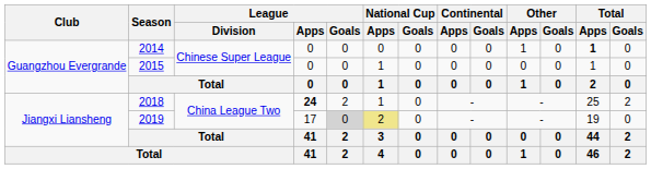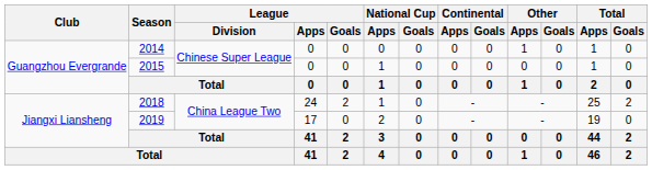 <table class="wikitable" style="text-align: center">
 <tr>
 <th rowspan="2">Club</th>
 <th rowspan="2">Season</th>
 <th colspan="3">League</th>
 <th colspan="2">National Cup</th>
 <th colspan="2">Continental</th>
 <th colspan="2">Other</th>
 <th colspan="2">Total</th>
 </tr>
 <tr>
 <th>Division</th>
 <th>Apps</th>
 <th>Goals</th>
 <th>Apps</th>
 <th>Goals</th>
 <th>Apps</th>
 <th>Goals</th>
 <th>Apps</th>
 <th>Goals</th>
 <th>Apps</th>
 <th>Goals</th>
 </tr>
 <tr>
 <td rowspan=3><a href='#'>Guangzhou Evergrande</a></td>
 <td><a href='#'>2014</a></td>
 <td rowspan="2"><a href='#'>Chinese Super League</a></td>
 <td>0</td>
 <td>0</td>
 <td>0</td>
 <td>0</td>
 <td>0</td>
 <td>0</td>
 <td>1</td>
 <td>0</td>
-<td><strong>1</strong></td>
+<td>1</td>
 <td>0</td>
 </tr>
 <tr>
 <td><a href='#'>2015</a></td>
 <td>0</td>
 <td>0</td>
 <td>1</td>
 <td>0</td>
 <td>0</td>
 <td>0</td>
 <td>0</td>
 <td>0</td>
 <td>1</td>
 <td>0</td>
 </tr>
 <tr>
 <th colspan="2"><strong>Total</strong></th>
 <th>0</th>
 <th>0</th>
 <th>1</th>
 <th>0</th>
 <th>0</th>
 <th>0</th>
 <th>1</th>
 <th>0</th>
 <th>2</th>
 <th>0</th>
 </tr>
 <tr>
 <td rowspan=3><a href='#'>Jiangxi Liansheng</a></td>
 <td><a href='#'>2018</a></td>
 <td rowspan=2><a href='#'>China League Two</a></td>
-<td><strong>24</strong></td>
+<td>24</td>
 <td>2</td>
 <td>1</td>
 <td>0</td>
 <td colspan="2">-</td>
 <td colspan="2">-</td>
 <td>25</td>
 <td>2</td>
 </tr>
 <tr>
 <td><a href='#'>2019</a></td>
 <td>17</td>
-<td style="background: lightgrey;">0</td>
-<td style="background: khaki;">2</td>
+<td>0</td>
+<td>2</td>
 <td>0</td>
 <td colspan="2">-</td>
 <td colspan="2">-</td>
 <td>19</td>
 <td>0</td>
 </tr>
 <tr>
 <th colspan="2"><strong>Total</strong></th>
 <th>41</th>
 <th>2</th>
 <th>3</th>
 <th>0</th>
 <th>0</th>
 <th>0</th>
 <th>0</th>
 <th>0</th>
 <th>44</th>
 <th>2</th>
 </tr>
 <tr>
 <th colspan=3>Total</th>
 <th>41</th>
 <th>2</th>
 <th>4</th>
 <th>0</th>
 <th>0</th>
 <th>0</th>
 <th>1</th>
 <th>0</th>
 <th>46</th>
 <th>2</th>
 </tr>
 </table>
